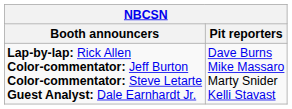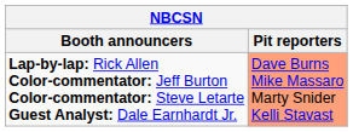 <table class="wikitable" style="font-size: 95%;">
 <tr>
 <th colspan="2"><a href='#'>NBCSN</a></th>
 </tr>
 <tr>
 <th>Booth announcers</th>
 <th>Pit reporters</th>
 </tr>
 <tr>
 <td><strong>Lap-by-lap:</strong> <a href='#'>Rick Allen</a><br><strong>Color-commentator:</strong> <a href='#'>Jeff Burton</a><br><strong>Color-commentator:</strong> <a href='#'>Steve Letarte</a><br><strong>Guest Analyst:</strong> <a href='#'>Dale Earnhardt Jr.</a></td>
-<td><a href='#'>Dave Burns</a><br><a href='#'>Mike Massaro</a><br>Marty Snider<br><a href='#'>Kelli Stavast</a></td>
+<td style="background: lightsalmon;"><a href='#'>Dave Burns</a><br><a href='#'>Mike Massaro</a><br>Marty Snider<br><a href='#'>Kelli Stavast</a></td>
 </tr>
 </table>
